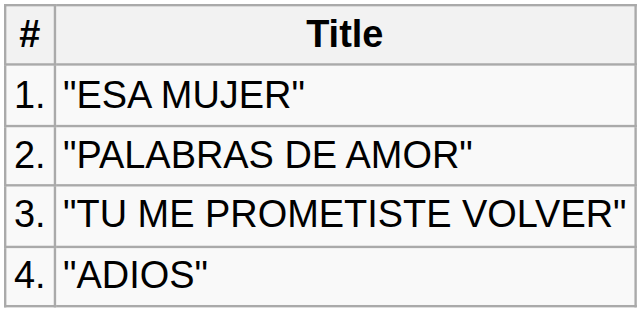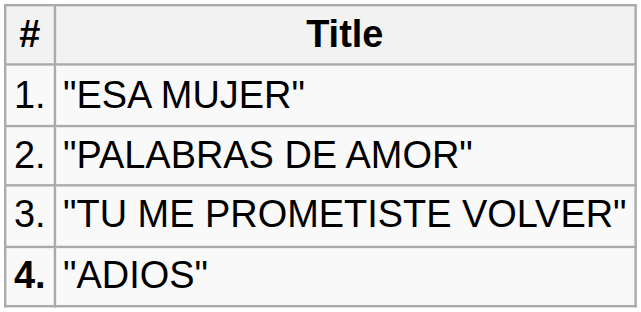 <table class="wikitable">
 <tr>
 <th>#</th>
 <th>Title</th>
 </tr>
 <tr>
 <td>1.</td>
 <td>"ESA MUJER"</td>
 </tr>
 <tr>
 <td>2.</td>
 <td>"PALABRAS DE AMOR"</td>
 </tr>
 <tr>
 <td>3.</td>
 <td>"TU ME PROMETISTE VOLVER"</td>
 </tr>
 <tr>
-<td>4.</td>
+<td><strong>4.</strong></td>
 <td>"ADIOS"</td>
 </tr>
 </table>
